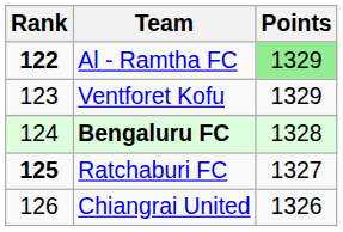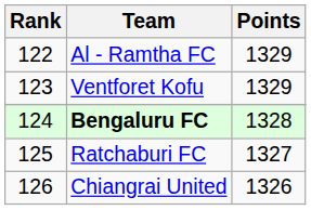 <table class="wikitable" style="text-align: center;">
 <tr>
 <th>Rank</th>
 <th>Team</th>
 <th>Points</th>
 </tr>
 <tr>
-<td><strong>122</strong></td>
+<td>122</td>
 <td align=left> <a href='#'>Al - Ramtha FC</a></td>
-<td style="background: lightgreen;">1329</td>
+<td>1329</td>
 </tr>
 <tr>
 <td>123</td>
 <td align=left> <a href='#'>Ventforet Kofu</a></td>
 <td>1329</td>
 </tr>
 <tr>
 </tr>
 <tr bgcolor="#ddffdd">
 <td>124</td>
 <td align=left> <strong>Bengaluru FC</strong></td>
 <td>1328</td>
 </tr>
 <tr>
-<td><strong>125</strong></td>
+<td>125</td>
 <td align=left> <a href='#'>Ratchaburi FC</a></td>
 <td>1327</td>
 </tr>
 <tr>
 <td>126</td>
 <td align=left> <a href='#'>Chiangrai United</a></td>
 <td>1326</td>
 </tr>
 </table>
